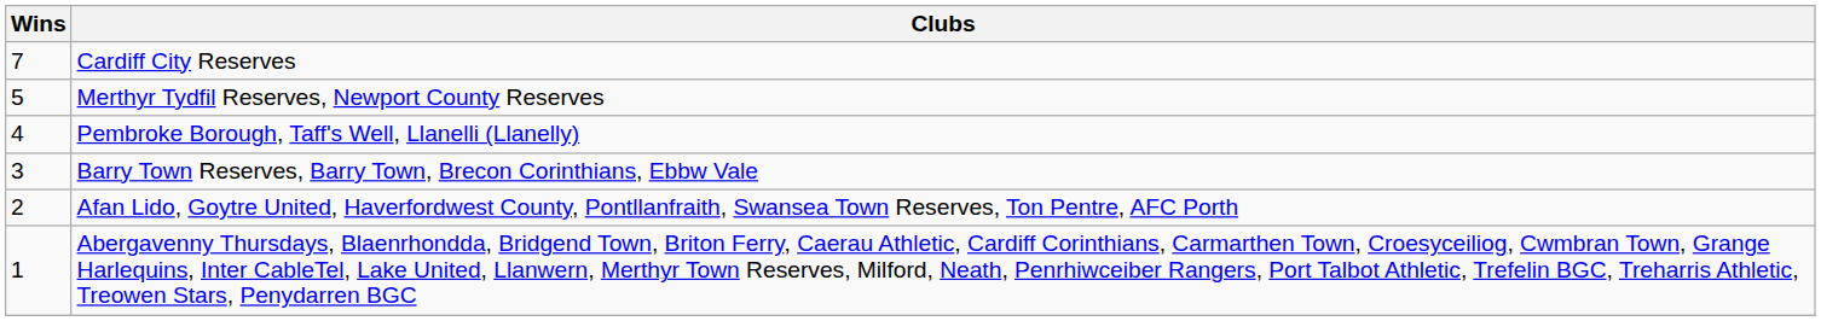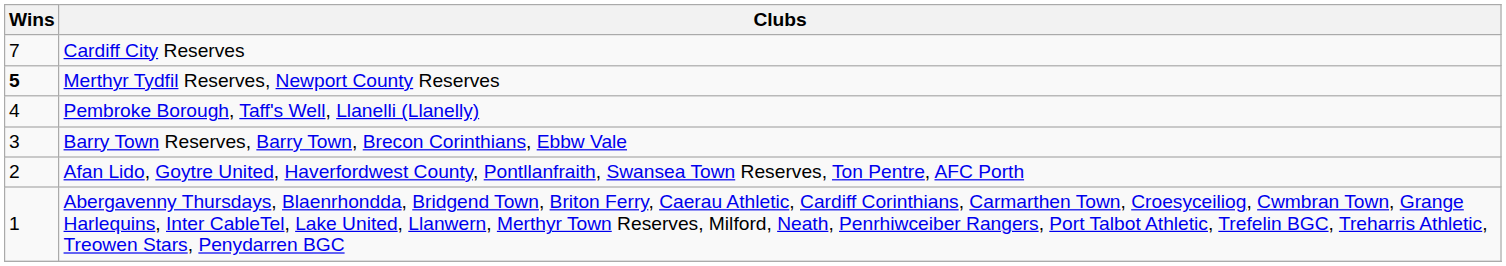 <table class=wikitable>
 <tr>
 <th>Wins</th>
 <th>Clubs</th>
 </tr>
 <tr>
 <td>7</td>
 <td><a href='#'>Cardiff City</a> Reserves</td>
 </tr>
 <tr>
-<td>5</td>
+<td><strong>5</strong></td>
 <td><a href='#'>Merthyr Tydfil</a> Reserves, <a href='#'>Newport County</a> Reserves</td>
 </tr>
 <tr>
 <td>4</td>
 <td><a href='#'>Pembroke Borough</a>, <a href='#'>Taff's Well</a>, <a href='#'>Llanelli (Llanelly)</a></td>
 </tr>
 <tr>
 <td>3</td>
 <td><a href='#'>Barry Town</a> Reserves, <a href='#'>Barry Town</a>, <a href='#'>Brecon Corinthians</a>, <a href='#'>Ebbw Vale</a></td>
 </tr>
 <tr>
 <td>2</td>
 <td><a href='#'>Afan Lido</a>, <a href='#'>Goytre United</a>, <a href='#'>Haverfordwest County</a>, <a href='#'>Pontllanfraith</a>, <a href='#'>Swansea Town</a> Reserves, <a href='#'>Ton Pentre</a>, <a href='#'>AFC Porth</a></td>
 </tr>
 <tr>
 <td>1</td>
 <td><a href='#'>Abergavenny Thursdays</a>, <a href='#'>Blaenrhondda</a>, <a href='#'>Bridgend Town</a>, <a href='#'>Briton Ferry</a>, <a href='#'>Caerau Athletic</a>, <a href='#'>Cardiff Corinthians</a>, <a href='#'>Carmarthen Town</a>, <a href='#'>Croesyceiliog</a>, <a href='#'>Cwmbran Town</a>, <a href='#'>Grange Harlequins</a>, <a href='#'>Inter CableTel</a>, <a href='#'>Lake United</a>, <a href='#'>Llanwern</a>, <a href='#'>Merthyr Town</a> Reserves, Milford, <a href='#'>Neath</a>, <a href='#'>Penrhiwceiber Rangers</a>, <a href='#'>Port Talbot Athletic</a>, <a href='#'>Trefelin BGC</a>, <a href='#'>Treharris Athletic</a>, <a href='#'>Treowen Stars</a>, <a href='#'>Penydarren BGC</a></td>
 </tr>
 <tr>
 </tr>
 </table>
